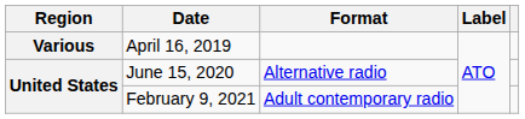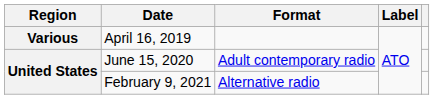 <table class="wikitable plainrowheaders">
 <tr>
 <th scope="col">Region</th>
 <th scope="col">Date</th>
 <th scope="col">Format</th>
 <th scope="col">Label</th>
 <th scope="col"></th>
 </tr>
 <tr>
 <th scope="row">Various</th>
 <td>April 16, 2019</td>
 <td></td>
 <td rowspan="3"><a href='#'>ATO</a></td>
 <td></td>
 </tr>
 <tr>
 <th scope="row" rowspan="2">United States</th>
 <td>June 15, 2020</td>
-<td><a href='#'>Alternative radio</a></td>
+<td><a href='#'>Adult contemporary radio</a></td>
 <td></td>
 </tr>
 <tr>
 <td>February 9, 2021</td>
-<td><a href='#'>Adult contemporary radio</a></td>
+<td><a href='#'>Alternative radio</a></td>
 <td></td>
 </tr>
 </table>
